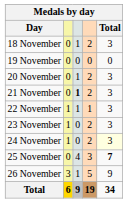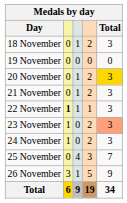 <table class="wikitable" style="font-size:85%; float:right">
 <tr align=center>
 <th colspan=5>Medals by day</th>
 </tr>
 <tr align=center>
 <th>Day</th>
 <td bgcolor=F7F6A8></td>
 <td bgcolor=DCE5E5></td>
 <td bgcolor=FFDAB9></td>
 <th>Total</th>
 </tr>
 <tr align=center>
 <td nowrap>18 November</td>
 <td style="background:#F7F6A8;">0</td>
 <td style="background:#DCE5E5;">1</td>
 <td style="background:#FFDAB9;">2</td>
 <td>3</td>
 </tr>
 <tr align=center>
 <td>19 November</td>
 <td style="background:#F7F6A8;">0</td>
 <td style="background:#DCE5E5;">0</td>
 <td style="background:#FFDAB9;">0</td>
 <td>0</td>
 </tr>
 <tr align=center>
 <td>20 November</td>
 <td style="background:#F7F6A8;">0</td>
 <td style="background:#DCE5E5;">1</td>
 <td style="background:#FFDAB9;">2</td>
-<td>3</td>
+<td style="background: gold;">3</td>
 </tr>
 <tr align=center>
 <td>21 November</td>
 <td style="background:#F7F6A8;">0</td>
-<td style="background:#DCE5E5;"><strong>1</strong></td>
+<td style="background:#DCE5E5;">1</td>
 <td style="background:#FFDAB9;">2</td>
 <td>3</td>
 </tr>
 <tr align=center>
 <td>22 November</td>
-<td style="background:#F7F6A8;">1</td>
+<td style="background:#F7F6A8;"><strong>1</strong></td>
 <td style="background:#DCE5E5;">1</td>
 <td style="background:#FFDAB9;">1</td>
 <td>3</td>
 </tr>
 <tr align=center>
 <td>23 November</td>
 <td style="background:#F7F6A8;">1</td>
 <td style="background:#DCE5E5;">0</td>
 <td style="background:#FFDAB9;">2</td>
-<td>3</td>
+<td style="background: lightsalmon;">3</td>
 </tr>
 <tr align=center>
 <td>24 November</td>
 <td style="background:#F7F6A8;">1</td>
 <td style="background:#DCE5E5;">0</td>
 <td style="background:#FFDAB9;">2</td>
-<td style="background: lightyellow;">3</td>
+<td>3</td>
 </tr>
 <tr align=center>
 <td>25 November</td>
 <td style="background:#F7F6A8;">0</td>
 <td style="background:#DCE5E5;">4</td>
 <td style="background:#FFDAB9;">3</td>
-<td><strong>7</strong></td>
+<td>7</td>
 </tr>
 <tr align=center>
 <td>26 November</td>
 <td style="background:#F7F6A8;">3</td>
 <td style="background:#DCE5E5;">1</td>
 <td style="background:#FFDAB9;">5</td>
 <td>9</td>
 </tr>
 <tr align=center>
 <th><strong>Total</strong></th>
 <th style="background:gold;"><strong>6</strong></th>
 <th style="background:silver;"><strong>9</strong></th>
 <th style="background:#c96;"><strong>19</strong></th>
 <td><strong>34</strong></td>
 </tr>
 </table>
